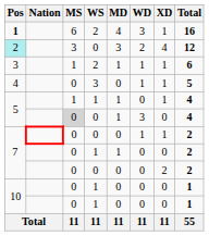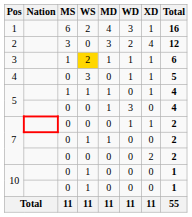 <table class="wikitable" style="text-align:center">
 <tr>
 <th>Pos</th>
 <th>Nation</th>
 <th>MS</th>
 <th>WS</th>
 <th>MD</th>
 <th>WD</th>
 <th>XD</th>
 <th>Total</th>
 </tr>
 <tr>
-<td><strong>1</strong></td>
+<td>1</td>
 <td align=left></td>
 <td>6</td>
 <td>2</td>
 <td>4</td>
 <td>3</td>
 <td>1</td>
 <td><strong>16</strong></td>
 </tr>
 <tr>
-<td style="background: paleturquoise;">2</td>
+<td>2</td>
 <td align=left></td>
 <td>3</td>
 <td>0</td>
 <td>3</td>
 <td>2</td>
 <td>4</td>
 <td><strong>12</strong></td>
 </tr>
 <tr>
 <td>3</td>
 <td align=left></td>
 <td>1</td>
-<td>2</td>
+<td style="background: gold;">2</td>
 <td>1</td>
 <td>1</td>
 <td>1</td>
 <td><strong>6</strong></td>
 </tr>
 <tr>
 <td>4</td>
 <td align=left></td>
 <td>0</td>
 <td>3</td>
 <td>0</td>
 <td>1</td>
 <td>1</td>
 <td><strong>5</strong></td>
 </tr>
 <tr>
 <td rowspan="2">5</td>
 <td align=left></td>
 <td>1</td>
 <td>1</td>
 <td>1</td>
 <td>0</td>
 <td>1</td>
 <td><strong>4</strong></td>
 </tr>
 <tr>
 <td align=left></td>
-<td style="background: lightgrey;">0</td>
+<td>0</td>
 <td>0</td>
 <td>1</td>
 <td>3</td>
 <td>0</td>
 <td><strong>4</strong></td>
 </tr>
 <tr>
 <td rowspan="3">7</td>
 <td align="left" style="border: 3px solid red"><strong></strong></td>
 <td>0</td>
 <td>0</td>
 <td>0</td>
 <td>1</td>
 <td>1</td>
 <td><strong>2</strong></td>
 </tr>
 <tr>
 <td align=left></td>
 <td>0</td>
 <td>1</td>
 <td>1</td>
 <td>0</td>
 <td>0</td>
 <td><strong>2</strong></td>
 </tr>
 <tr>
 <td align=left></td>
 <td>0</td>
 <td>0</td>
 <td>0</td>
 <td>0</td>
 <td>2</td>
 <td><strong>2</strong></td>
 </tr>
 <tr>
 <td rowspan="2">10</td>
 <td align=left></td>
 <td>0</td>
 <td>1</td>
 <td>0</td>
 <td>0</td>
 <td>0</td>
 <td><strong>1</strong></td>
 </tr>
 <tr>
 <td align=left></td>
 <td>0</td>
 <td>1</td>
 <td>0</td>
 <td>0</td>
 <td>0</td>
 <td><strong>1</strong></td>
 </tr>
 <tr>
 <th colspan="2">Total</th>
 <th>11</th>
 <th>11</th>
 <th>11</th>
 <th>11</th>
 <th>11</th>
 <th>55</th>
 </tr>
 </table>
